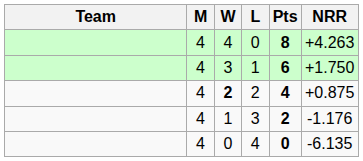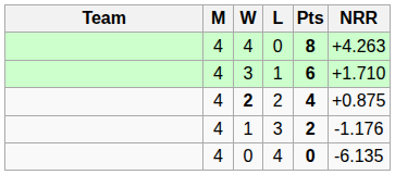 <table class="wikitable" style="text-align:center;">
 <tr>
 <th width=175>Team</th>
 <th style="width:20px;" abbr="Played">M</th>
 <th style="width:20px;" abbr="Won">W</th>
 <th style="width:20px;" abbr="Lost">L</th>
 <th style="width:20px;" abbr="Points">Pts</th>
 <th style="width:20px;" abbr="Net run rate">NRR</th>
 </tr>
 <tr style="background:#cfc;">
 <td style="text-align:left;"></td>
 <td>4</td>
 <td>4</td>
 <td>0</td>
 <td><strong>8</strong></td>
 <td>+4.263</td>
 </tr>
 <tr style="background:#cfc;">
 <td style="text-align:left;"></td>
 <td>4</td>
 <td>3</td>
 <td>1</td>
 <td><strong>6</strong></td>
-<td>+1.750</td>
+<td>+1.710</td>
 </tr>
 <tr style="background:#f9f9f9;">
 <td style="text-align:left;"></td>
 <td>4</td>
 <td><strong>2</strong></td>
 <td>2</td>
 <td><strong>4</strong></td>
 <td>+0.875</td>
 </tr>
 <tr style="background:#f9f9f9;">
 <td style="text-align:left;"></td>
 <td>4</td>
 <td>1</td>
 <td>3</td>
 <td><strong>2</strong></td>
 <td>-1.176</td>
 </tr>
 <tr style="background:#f9f9f9;">
 <td style="text-align:left;"></td>
 <td>4</td>
 <td>0</td>
 <td>4</td>
 <td><strong>0</strong></td>
 <td>-6.135</td>
 </tr>
 </table>
